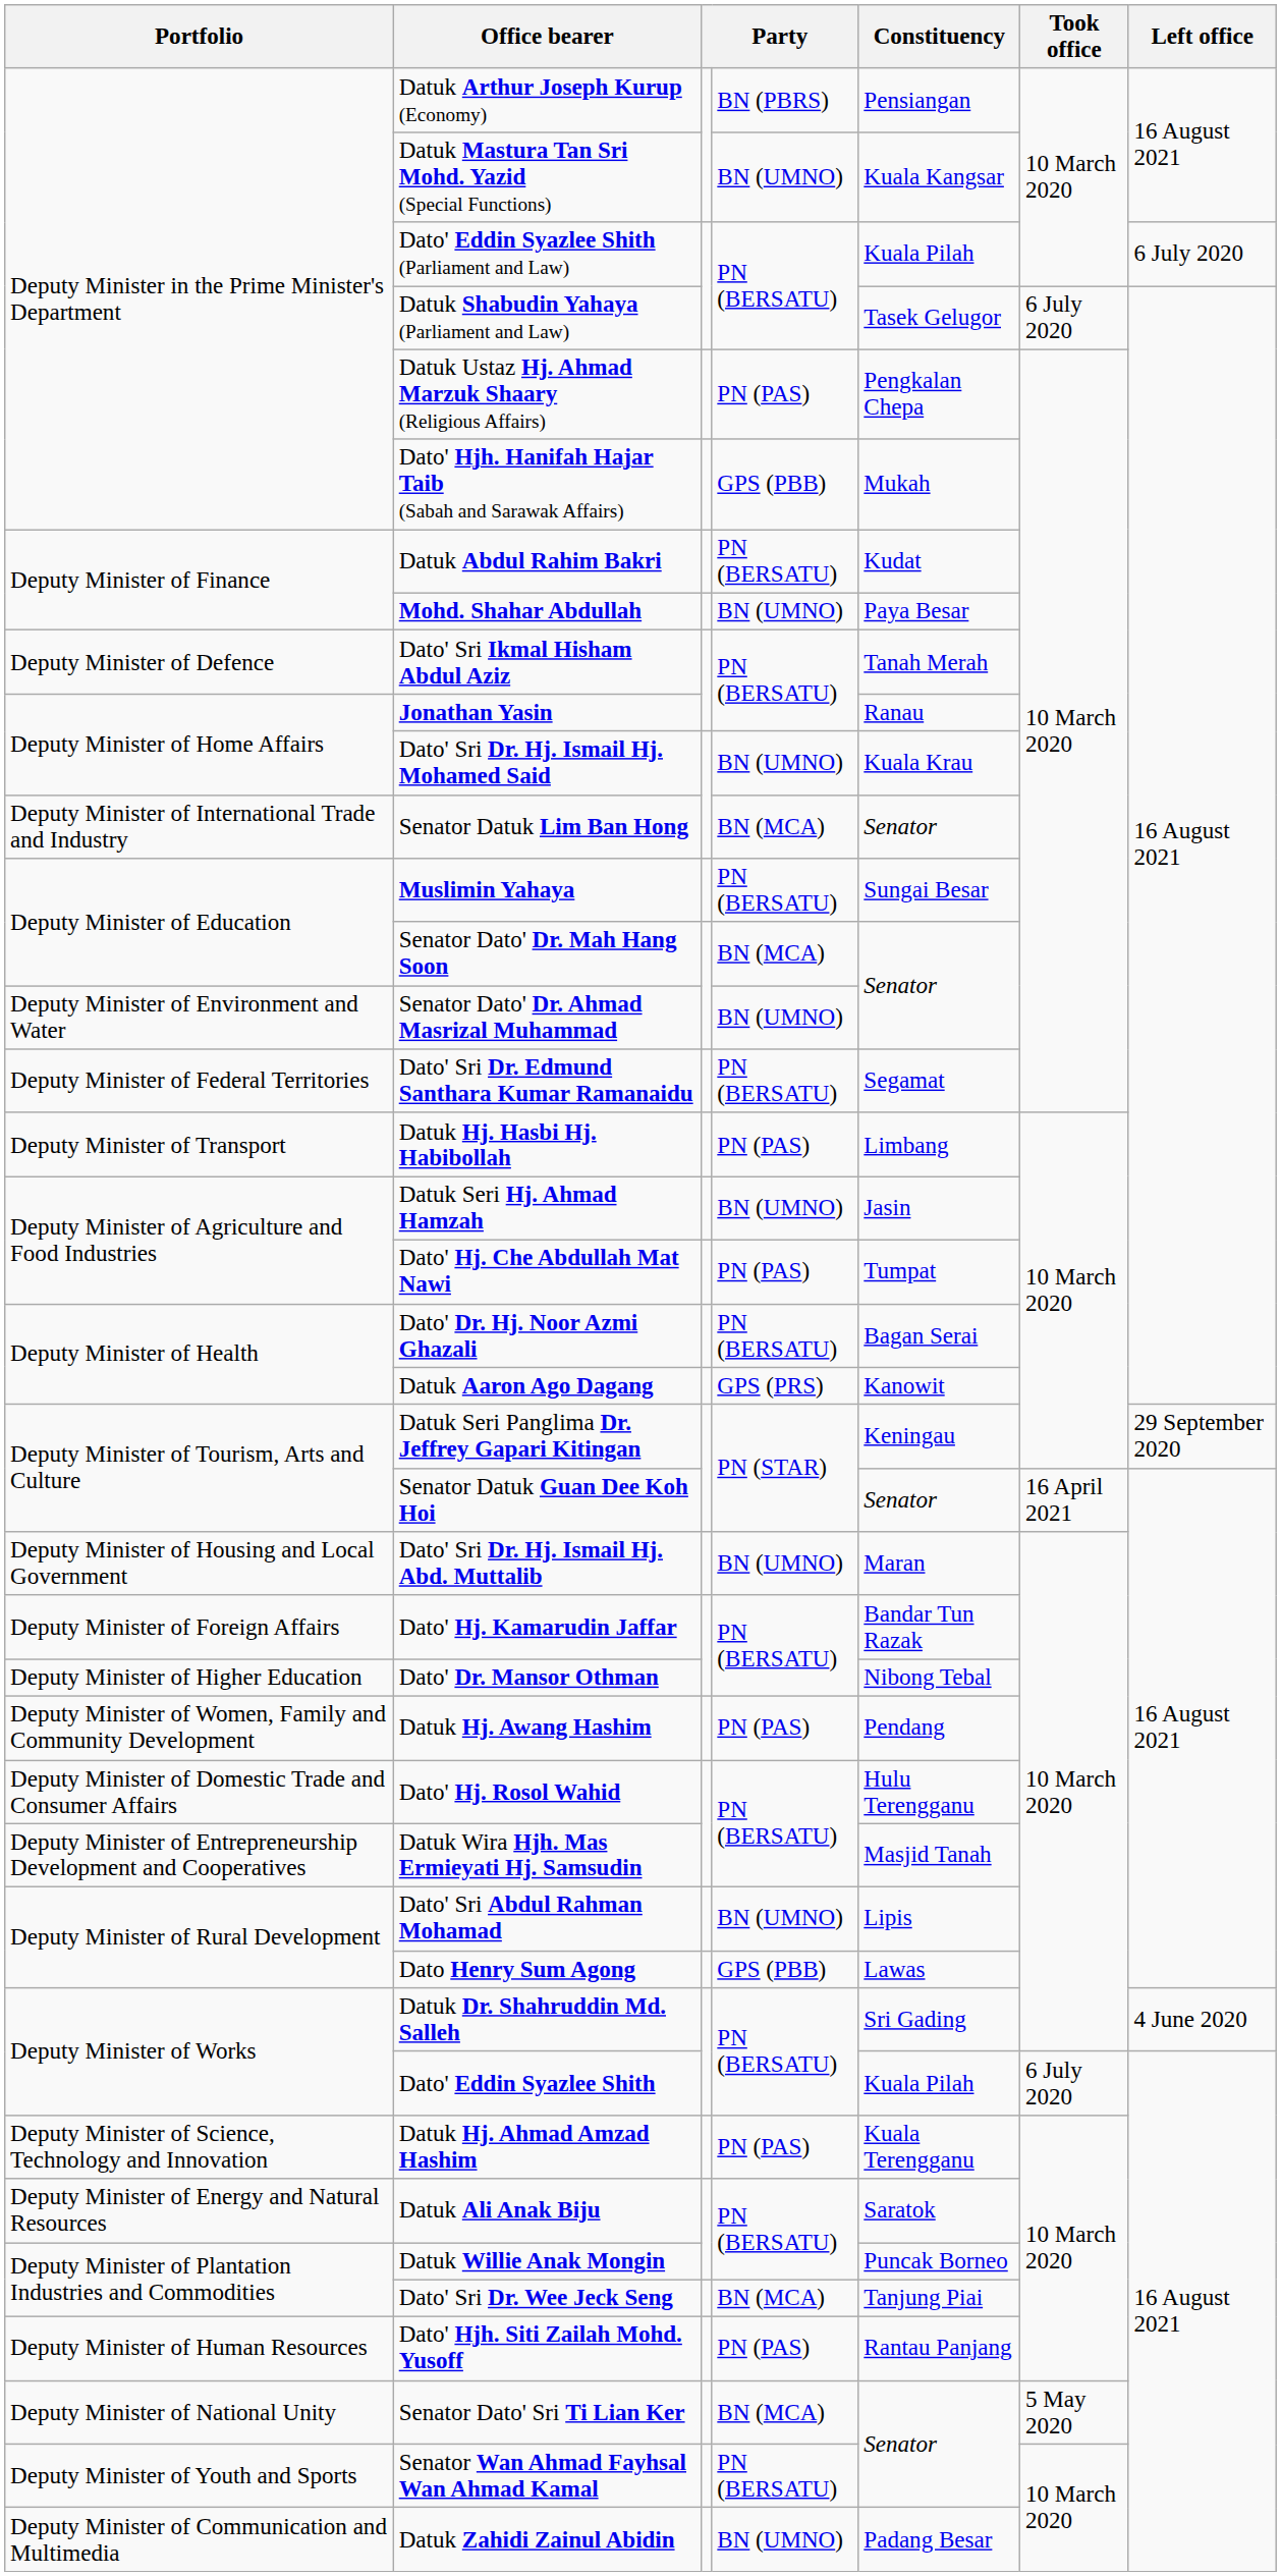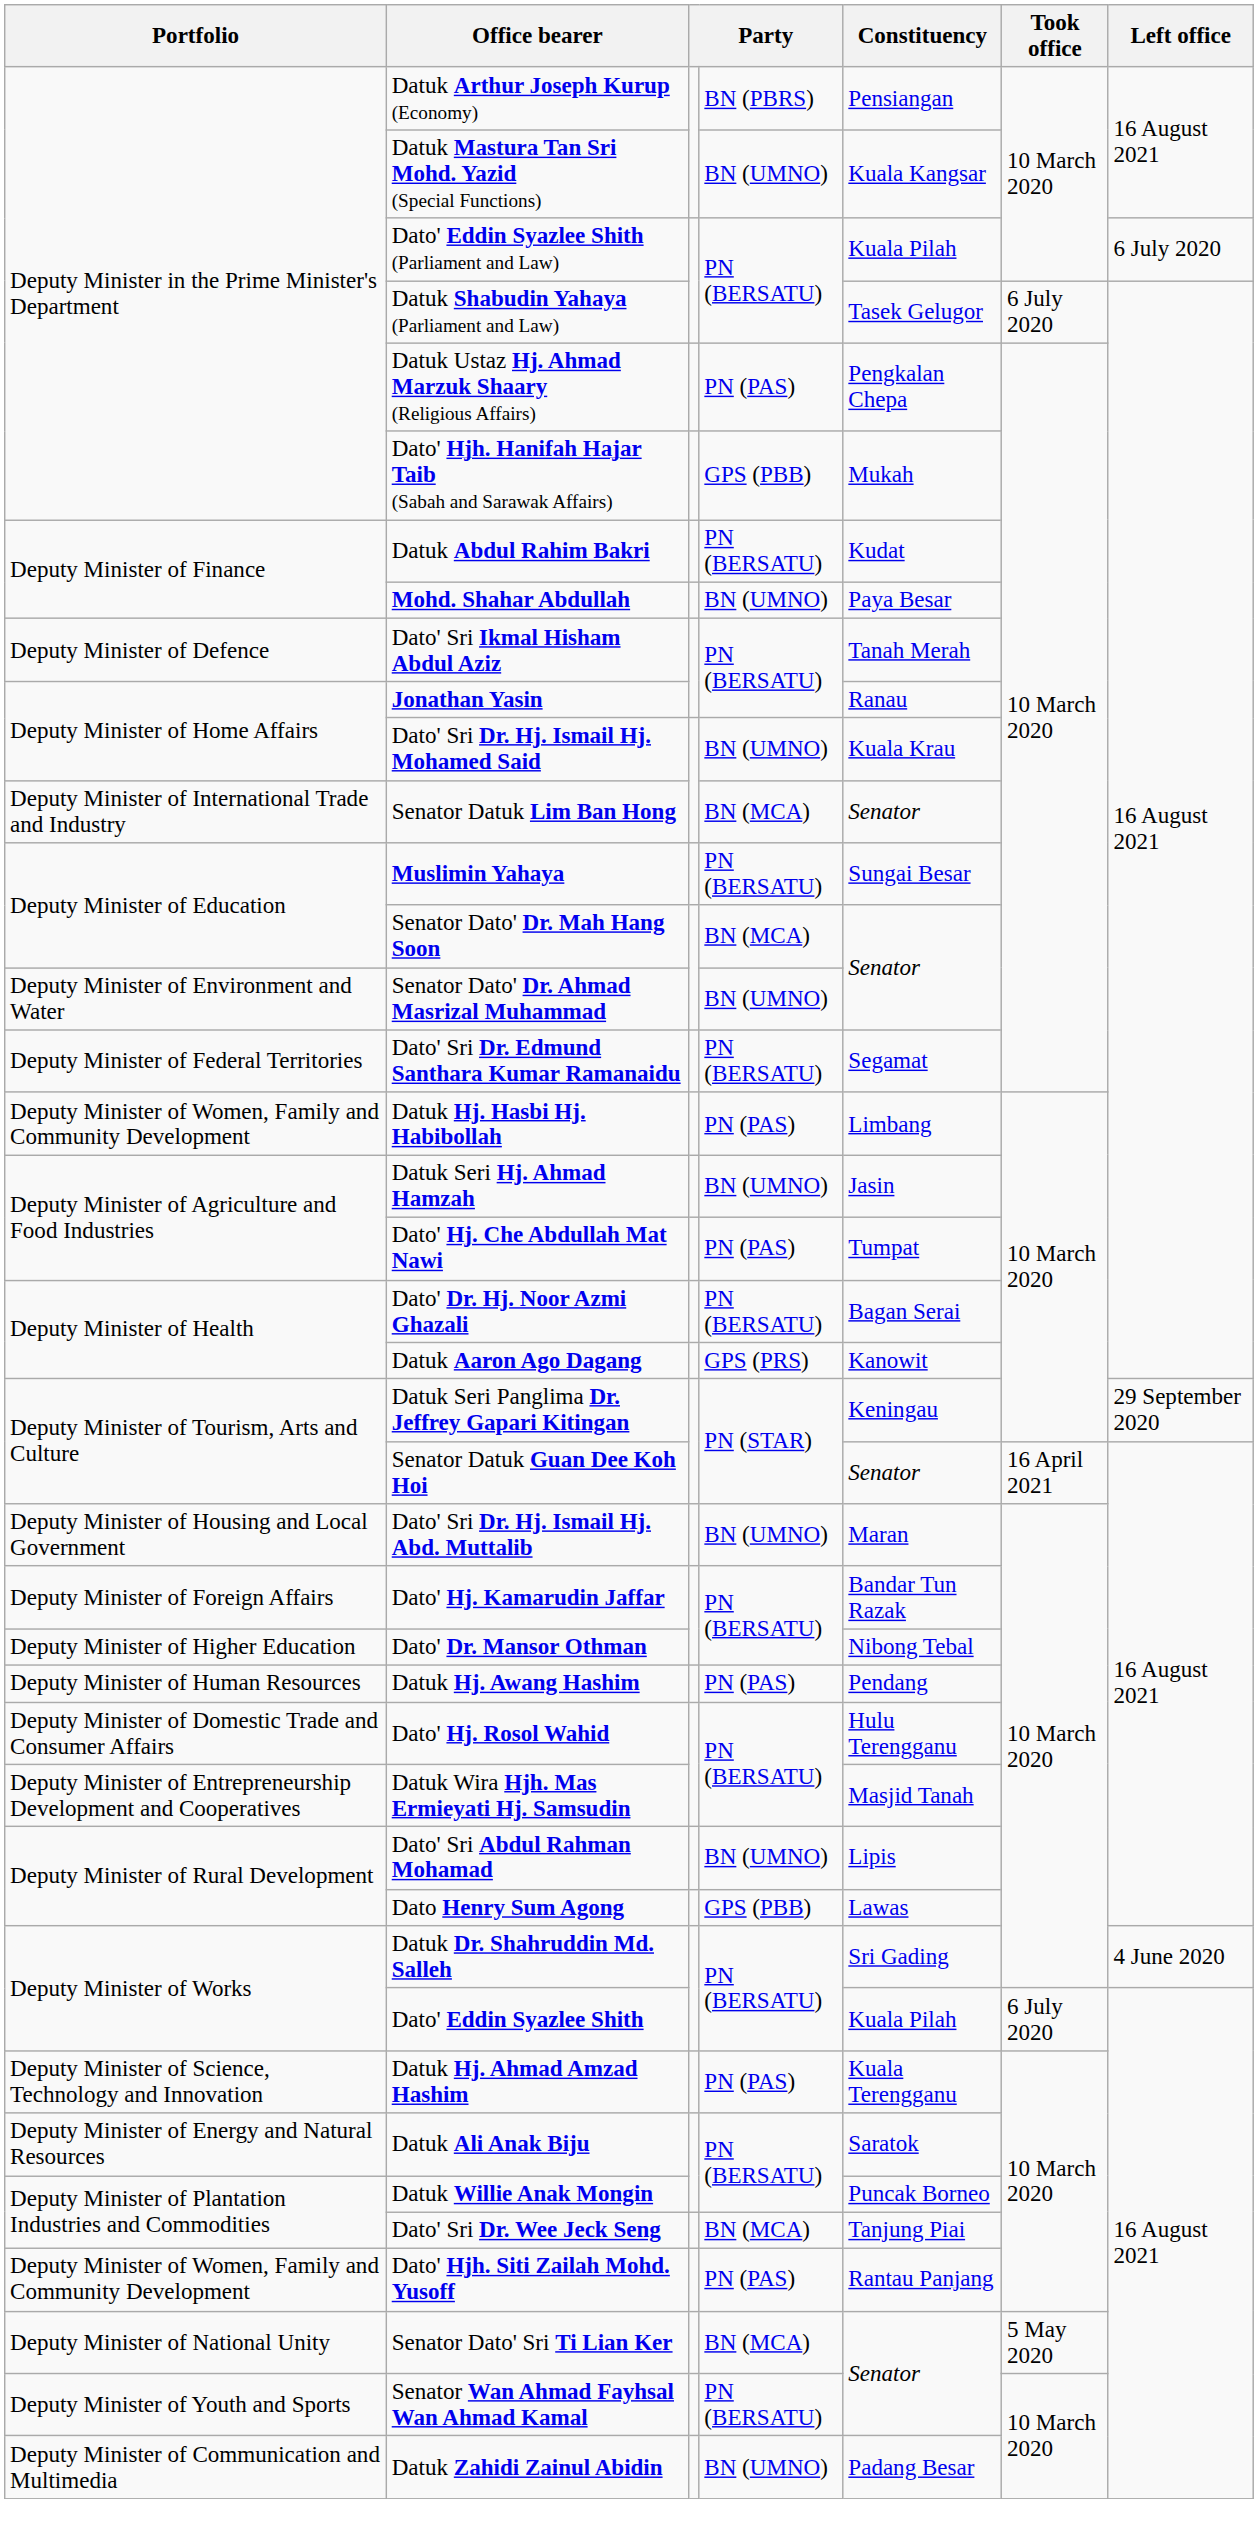 <table class="sortable wikitable">
 <tr>
 <th>Portfolio</th>
 <th>Office bearer</th>
 <th colspan="2">Party</th>
 <th>Constituency</th>
 <th>Took office</th>
 <th>Left office</th>
 </tr>
 <tr>
 <td rowspan="6">Deputy Minister in the Prime Minister's Department</td>
 <td>Datuk <strong><a href='#'>Arthur Joseph Kurup</a></strong> <br><small>(Economy)</small></td>
 <td rowspan="2"></td>
 <td><a href='#'>BN</a> (<a href='#'>PBRS</a>)</td>
 <td><a href='#'>Pensiangan</a></td>
 <td rowspan="3">10 March 2020</td>
 <td rowspan="2">16 August 2021</td>
 </tr>
 <tr>
 <td>Datuk <strong><a href='#'>Mastura Tan Sri Mohd. Yazid</a></strong> <br><small>(Special Functions)</small></td>
 <td><a href='#'>BN</a> (<a href='#'>UMNO</a>)</td>
 <td><a href='#'>Kuala Kangsar</a></td>
 </tr>
 <tr>
 <td>Dato' <strong><a href='#'>Eddin Syazlee Shith</a></strong> <br><small>(Parliament and Law)</small></td>
 <td rowspan="2"></td>
 <td rowspan="2"><a href='#'>PN</a> (<a href='#'>BERSATU</a>)</td>
 <td><a href='#'>Kuala Pilah</a></td>
 <td>6 July 2020</td>
 </tr>
 <tr>
 <td>Datuk <strong><a href='#'>Shabudin Yahaya</a></strong> <br><small>(Parliament and Law)</small></td>
 <td><a href='#'>Tasek Gelugor</a></td>
 <td>6 July 2020</td>
 <td rowspan="18">16 August 2021</td>
 </tr>
 <tr>
 <td>Datuk Ustaz <strong><a href='#'>Hj. Ahmad Marzuk Shaary</a></strong> <br><small>(Religious Affairs)</small></td>
 <td></td>
 <td><a href='#'>PN</a> (<a href='#'>PAS</a>)</td>
 <td><a href='#'>Pengkalan Chepa</a></td>
 <td rowspan="12">10 March 2020</td>
 </tr>
 <tr>
 <td>Dato' <strong><a href='#'>Hjh. Hanifah Hajar Taib</a></strong> <br><small>(Sabah and Sarawak Affairs)</small></td>
 <td></td>
 <td><a href='#'>GPS</a> (<a href='#'>PBB</a>)</td>
 <td><a href='#'>Mukah</a></td>
 </tr>
 <tr>
 <td rowspan="2">Deputy Minister of Finance</td>
 <td>Datuk <strong><a href='#'>Abdul Rahim Bakri</a></strong> </td>
 <td></td>
 <td><a href='#'>PN</a> (<a href='#'>BERSATU</a>)</td>
 <td><a href='#'>Kudat</a></td>
 </tr>
 <tr>
 <td><strong><a href='#'>Mohd. Shahar Abdullah</a></strong> </td>
 <td></td>
 <td><a href='#'>BN</a> (<a href='#'>UMNO</a>)</td>
 <td><a href='#'>Paya Besar</a></td>
 </tr>
 <tr>
 <td>Deputy Minister of Defence</td>
 <td>Dato' Sri <strong><a href='#'>Ikmal Hisham Abdul Aziz</a></strong> </td>
 <td rowspan="2"></td>
 <td rowspan="2"><a href='#'>PN</a> (<a href='#'>BERSATU</a>)</td>
 <td><a href='#'>Tanah Merah</a></td>
 </tr>
 <tr>
 <td rowspan="2">Deputy Minister of Home Affairs</td>
 <td><strong><a href='#'>Jonathan Yasin</a></strong> </td>
 <td><a href='#'>Ranau</a></td>
 </tr>
 <tr>
 <td>Dato' Sri <strong><a href='#'>Dr. Hj. Ismail Hj. Mohamed Said</a></strong> </td>
 <td rowspan="2"></td>
 <td><a href='#'>BN</a> (<a href='#'>UMNO</a>)</td>
 <td><a href='#'>Kuala Krau</a></td>
 </tr>
 <tr>
 <td>Deputy Minister of International Trade and Industry</td>
 <td>Senator Datuk <strong><a href='#'>Lim Ban Hong</a></strong></td>
 <td><a href='#'>BN</a> (<a href='#'>MCA</a>)</td>
 <td><em>Senator</em></td>
 </tr>
 <tr>
 <td rowspan="2">Deputy Minister of Education</td>
 <td><strong><a href='#'>Muslimin Yahaya</a></strong> </td>
 <td></td>
 <td><a href='#'>PN</a> (<a href='#'>BERSATU</a>)</td>
 <td><a href='#'>Sungai Besar</a></td>
 </tr>
 <tr>
 <td>Senator Dato' <strong><a href='#'>Dr. Mah Hang Soon</a></strong></td>
 <td rowspan=2></td>
 <td><a href='#'>BN</a> (<a href='#'>MCA</a>)</td>
 <td rowspan=2><em>Senator</em></td>
 </tr>
 <tr>
 <td>Deputy Minister of Environment and Water</td>
 <td>Senator Dato' <strong><a href='#'>Dr. Ahmad Masrizal Muhammad</a></strong></td>
 <td><a href='#'>BN</a> (<a href='#'>UMNO</a>)</td>
 </tr>
 <tr>
 <td>Deputy Minister of Federal Territories</td>
 <td>Dato' Sri <strong><a href='#'>Dr. Edmund Santhara Kumar Ramanaidu</a></strong> </td>
 <td></td>
 <td><a href='#'>PN</a> (<a href='#'>BERSATU</a>)</td>
 <td><a href='#'>Segamat</a></td>
 </tr>
 <tr>
-<td>Deputy Minister of Transport</td>
+<td>Deputy Minister of Women, Family and Community Development</td>
 <td>Datuk <strong><a href='#'>Hj. Hasbi Hj. Habibollah</a></strong> </td>
 <td></td>
 <td><a href='#'>PN</a> (<a href='#'>PAS</a>)</td>
 <td><a href='#'>Limbang</a></td>
 <td rowspan="6">10 March 2020</td>
 </tr>
 <tr>
 <td rowspan="2">Deputy Minister of Agriculture and Food Industries</td>
 <td>Datuk Seri <strong><a href='#'>Hj. Ahmad Hamzah</a></strong> </td>
 <td></td>
 <td><a href='#'>BN</a> (<a href='#'>UMNO</a>)</td>
 <td><a href='#'>Jasin</a></td>
 </tr>
 <tr>
 <td>Dato' <strong><a href='#'>Hj. Che Abdullah Mat Nawi</a></strong> </td>
 <td></td>
 <td><a href='#'>PN</a> (<a href='#'>PAS</a>)</td>
 <td><a href='#'>Tumpat</a></td>
 </tr>
 <tr>
 <td rowspan="2">Deputy Minister of Health</td>
 <td>Dato' <strong><a href='#'>Dr. Hj. Noor Azmi Ghazali</a></strong> </td>
 <td></td>
 <td><a href='#'>PN</a> (<a href='#'>BERSATU</a>)</td>
 <td><a href='#'>Bagan Serai</a></td>
 </tr>
 <tr>
 <td>Datuk <strong><a href='#'>Aaron Ago Dagang</a></strong> </td>
 <td></td>
 <td><a href='#'>GPS</a> (<a href='#'>PRS</a>)</td>
 <td><a href='#'>Kanowit</a></td>
 </tr>
 <tr>
 <td rowspan="2">Deputy Minister of Tourism, Arts and Culture</td>
 <td>Datuk Seri Panglima <strong><a href='#'>Dr. Jeffrey Gapari Kitingan</a></strong> </td>
 <td rowspan="2"></td>
 <td rowspan="2"><a href='#'>PN</a> (<a href='#'>STAR</a>)</td>
 <td><a href='#'>Keningau</a></td>
 <td>29 September 2020</td>
 </tr>
 <tr>
 <td>Senator Datuk <strong><a href='#'>Guan Dee Koh Hoi</a></strong></td>
 <td><em>Senator</em></td>
 <td>16 April 2021</td>
 <td rowspan="9">16 August 2021</td>
 </tr>
 <tr>
 <td>Deputy Minister of Housing and Local Government</td>
 <td>Dato' Sri <strong><a href='#'>Dr. Hj. Ismail Hj. Abd. Muttalib</a></strong> </td>
 <td></td>
 <td><a href='#'>BN</a> (<a href='#'>UMNO</a>)</td>
 <td><a href='#'>Maran</a></td>
 <td rowspan="9">10 March 2020</td>
 </tr>
 <tr>
 <td>Deputy Minister of Foreign Affairs</td>
 <td>Dato' <strong><a href='#'>Hj. Kamarudin Jaffar</a></strong> </td>
 <td rowspan=2></td>
 <td rowspan=2><a href='#'>PN</a> (<a href='#'>BERSATU</a>)</td>
 <td><a href='#'>Bandar Tun Razak</a></td>
 </tr>
 <tr>
 <td>Deputy Minister of Higher Education</td>
 <td>Dato' <strong><a href='#'>Dr. Mansor Othman</a></strong> </td>
 <td><a href='#'>Nibong Tebal</a></td>
 </tr>
 <tr>
-<td>Deputy Minister of Women, Family and Community Development</td>
+<td>Deputy Minister of Human Resources</td>
 <td>Datuk <strong><a href='#'>Hj. Awang Hashim</a></strong> </td>
 <td></td>
 <td><a href='#'>PN</a> (<a href='#'>PAS</a>)</td>
 <td><a href='#'>Pendang</a></td>
 </tr>
 <tr>
 <td>Deputy Minister of Domestic Trade and Consumer Affairs</td>
 <td>Dato' <strong><a href='#'>Hj. Rosol Wahid</a></strong> </td>
 <td rowspan=2></td>
 <td rowspan=2><a href='#'>PN</a> (<a href='#'>BERSATU</a>)</td>
 <td><a href='#'>Hulu Terengganu</a></td>
 </tr>
 <tr>
 <td>Deputy Minister of Entrepreneurship Development and Cooperatives</td>
 <td>Datuk Wira <strong><a href='#'>Hjh. Mas Ermieyati Hj. Samsudin</a></strong> </td>
 <td><a href='#'>Masjid Tanah</a></td>
 </tr>
 <tr>
 <td rowspan="2">Deputy Minister of Rural Development</td>
 <td>Dato' Sri <strong><a href='#'>Abdul Rahman Mohamad</a></strong> </td>
 <td></td>
 <td><a href='#'>BN</a> (<a href='#'>UMNO</a>)</td>
 <td><a href='#'>Lipis</a></td>
 </tr>
 <tr>
 <td>Dato <strong><a href='#'>Henry Sum Agong</a></strong> </td>
 <td></td>
 <td><a href='#'>GPS</a> (<a href='#'>PBB</a>)</td>
 <td><a href='#'>Lawas</a></td>
 </tr>
 <tr>
 <td rowspan="2">Deputy Minister of Works</td>
 <td>Datuk <strong><a href='#'>Dr. Shahruddin Md. Salleh</a></strong> </td>
 <td rowspan="2"></td>
 <td rowspan="2"><a href='#'>PN</a> (<a href='#'>BERSATU</a>)</td>
 <td><a href='#'>Sri Gading</a></td>
 <td>4 June 2020</td>
 </tr>
 <tr>
 <td>Dato' <strong><a href='#'>Eddin Syazlee Shith</a></strong> </td>
 <td><a href='#'>Kuala Pilah</a></td>
 <td>6 July 2020</td>
 <td rowspan="9">16 August 2021</td>
 </tr>
 <tr>
 <td>Deputy Minister of Science, Technology and Innovation</td>
 <td>Datuk <strong><a href='#'>Hj. Ahmad Amzad Hashim</a></strong> </td>
 <td></td>
 <td><a href='#'>PN</a> (<a href='#'>PAS</a>)</td>
 <td><a href='#'>Kuala Terengganu</a></td>
 <td rowspan="5">10 March 2020</td>
 </tr>
 <tr>
 <td>Deputy Minister of Energy and Natural Resources</td>
 <td>Datuk <strong><a href='#'>Ali Anak Biju</a></strong> </td>
 <td rowspan="2"></td>
 <td rowspan="2"><a href='#'>PN</a> (<a href='#'>BERSATU</a>)</td>
 <td><a href='#'>Saratok</a></td>
 </tr>
 <tr>
 <td rowspan="2">Deputy Minister of Plantation Industries and Commodities</td>
 <td>Datuk <strong><a href='#'>Willie Anak Mongin</a></strong> </td>
 <td><a href='#'>Puncak Borneo</a></td>
 </tr>
 <tr>
 <td>Dato' Sri <strong><a href='#'>Dr. Wee Jeck Seng</a></strong> </td>
 <td></td>
 <td><a href='#'>BN</a> (<a href='#'>MCA</a>)</td>
 <td><a href='#'>Tanjung Piai</a></td>
 </tr>
 <tr>
-<td>Deputy Minister of Human Resources</td>
+<td>Deputy Minister of Women, Family and Community Development</td>
 <td>Dato' <strong><a href='#'>Hjh. Siti Zailah Mohd. Yusoff</a></strong> </td>
 <td></td>
 <td><a href='#'>PN</a> (<a href='#'>PAS</a>)</td>
 <td><a href='#'>Rantau Panjang</a></td>
 </tr>
 <tr>
 <td>Deputy Minister of National Unity</td>
 <td>Senator Dato' Sri <strong><a href='#'>Ti Lian Ker</a></strong></td>
 <td></td>
 <td><a href='#'>BN</a> (<a href='#'>MCA</a>)</td>
 <td rowspan=2><em>Senator</em></td>
 <td>5 May 2020</td>
 </tr>
 <tr>
 <td>Deputy Minister of Youth and Sports</td>
 <td>Senator <strong><a href='#'>Wan Ahmad Fayhsal Wan Ahmad Kamal</a></strong></td>
 <td></td>
 <td><a href='#'>PN</a> (<a href='#'>BERSATU</a>)</td>
 <td rowspan=2>10 March 2020</td>
 </tr>
 <tr>
 <td>Deputy Minister of Communication and Multimedia</td>
 <td>Datuk <strong><a href='#'>Zahidi Zainul Abidin</a></strong> </td>
 <td></td>
 <td><a href='#'>BN</a> (<a href='#'>UMNO</a>)</td>
 <td><a href='#'>Padang Besar</a></td>
 </tr>
 </table>
